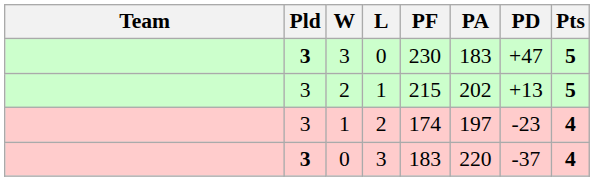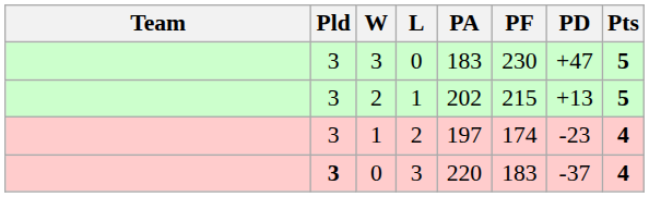 <table class="wikitable" style="text-align:center;">
 <tr>
 <th width=200>Team</th>
 <th width=20>Pld</th>
 <th width=20>W</th>
 <th width=20>L</th>
+<th width=30>PA</th>
 <th width=30>PF</th>
-<th width=30>PA</th>
 <th width=30>PD</th>
 <th width=20>Pts</th>
 </tr>
 <tr bgcolor="#ccffcc">
 <td align=left></td>
-<td><strong>3</strong></td>
+<td>3</td>
 <td>3</td>
 <td>0</td>
+<td>183</td>
 <td>230</td>
-<td>183</td>
 <td>+47</td>
 <td><strong>5</strong></td>
 </tr>
 <tr bgcolor="#ccffcc">
 <td align=left></td>
 <td>3</td>
 <td>2</td>
 <td>1</td>
+<td>202</td>
 <td>215</td>
-<td>202</td>
 <td>+13</td>
 <td><strong>5</strong></td>
 </tr>
 <tr bgcolor=#ffcccc>
 <td align=left></td>
 <td>3</td>
 <td>1</td>
 <td>2</td>
+<td>197</td>
 <td>174</td>
-<td>197</td>
 <td>-23</td>
 <td><strong>4</strong></td>
 </tr>
 <tr bgcolor=#ffcccc>
 <td align=left></td>
 <td><strong>3</strong></td>
 <td>0</td>
 <td>3</td>
+<td>220</td>
 <td>183</td>
-<td>220</td>
 <td>-37</td>
 <td><strong>4</strong></td>
 </tr>
 </table>
